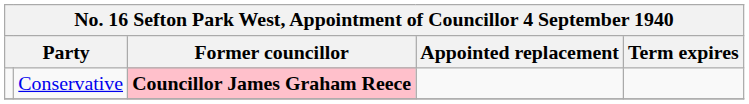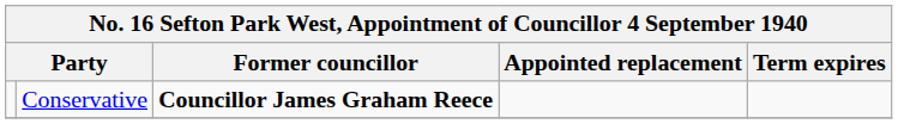 <table class="wikitable">
 <tr>
 <th colspan="5"><strong>No. 16 Sefton Park West, Appointment of Councillor 4 September 1940</strong></th>
 </tr>
 <tr>
 <th colspan="2">Party</th>
 <th>Former councillor</th>
 <th>Appointed replacement</th>
 <th>Term expires</th>
 </tr>
 <tr>
 <td style="background-color:"></td>
 <td><a href='#'>Conservative</a></td>
-<td style="background: pink;"><strong>Councillor James Graham Reece</strong></td>
+<td><strong>Councillor James Graham Reece</strong></td>
 <td></td>
 <td></td>
 </tr>
 <tr>
 </tr>
 </table>
